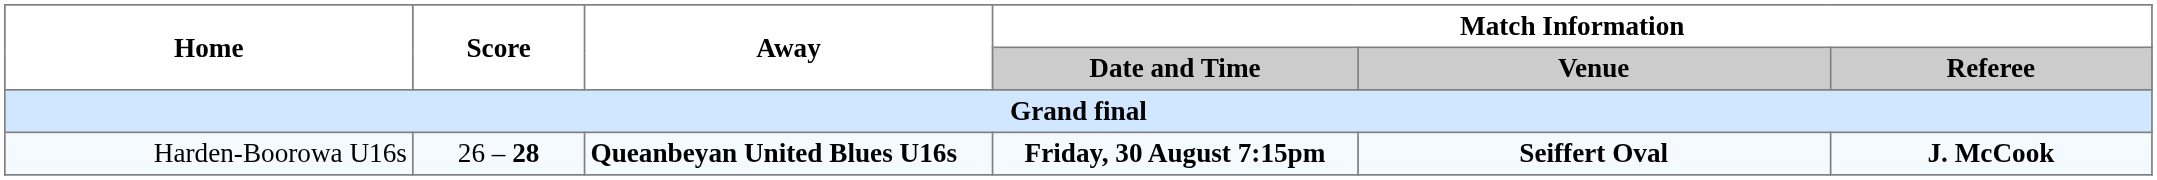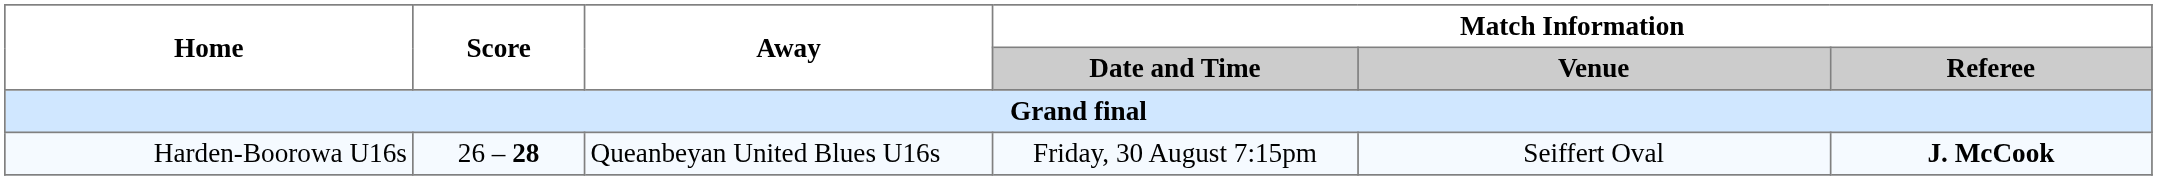 <table border="1" cellpadding="3" cellspacing="0" width="100%" style="border-collapse:collapse;  text-align:center;">
 <tr>
 <th rowspan="2" width="19%">Home</th>
 <th rowspan="2" width="8%">Score</th>
 <th rowspan="2" width="19%">Away</th>
 <th colspan="3">Match Information</th>
 </tr>
 <tr bgcolor="#CCCCCC">
 <th width="17%">Date and Time</th>
 <th width="22%">Venue</th>
 <th width="50%">Referee</th>
 </tr>
 <tr style="background:#d0e7ff;">
 <td colspan="6"><strong>Grand final</strong></td>
 </tr>
 <tr style="text-align:center; background:#f5faff;">
 <td align="right">Harden-Boorowa U16s </td>
 <td>26 – <strong>28</strong></td>
-<td align="left"><strong> Queanbeyan United Blues U16s</strong></td>
-<td><strong>Friday, 30 August 7:15pm</strong></td>
-<td><strong>Seiffert Oval</strong></td>
+<td align="left"> Queanbeyan United Blues U16s</td>
+<td>Friday, 30 August 7:15pm</td>
+<td>Seiffert Oval</td>
 <td><strong>J. McCook</strong></td>
 </tr>
 </table>
